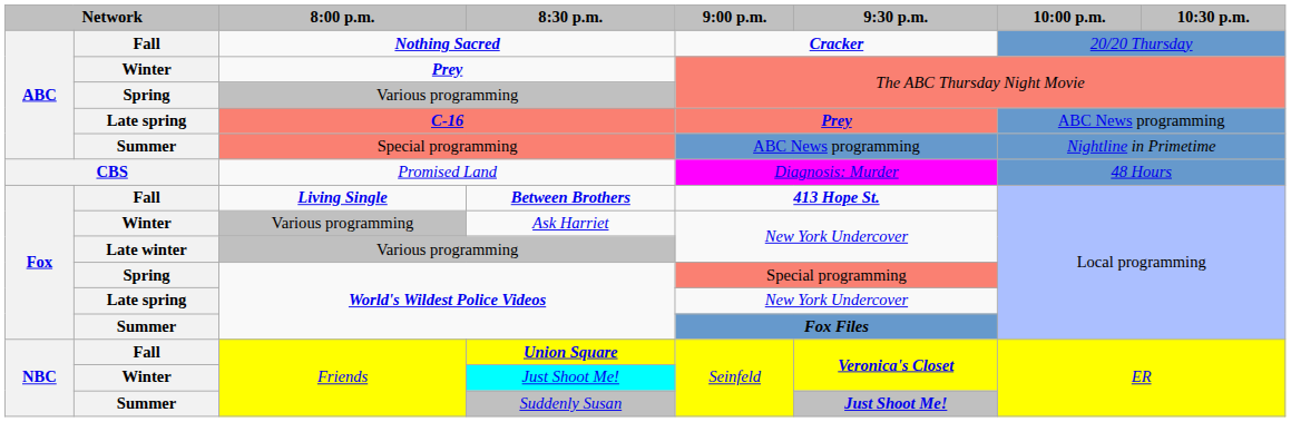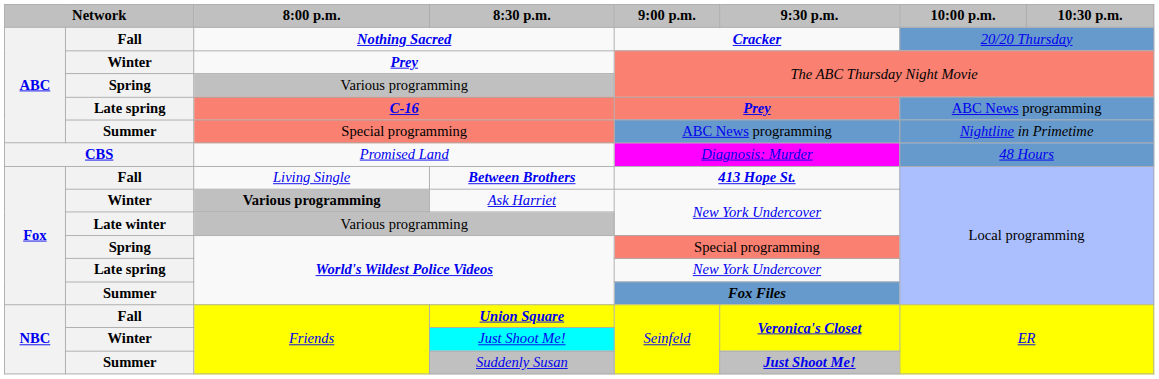 <table class="wikitable" style="width:100%;margin-right:0;text-align:center">
 <tr>
 <th colspan="2" style="background-color:#C0C0C0">Network</th>
 <th style="background-color:#C0C0C0;text-align:center">8:00 p.m.</th>
 <th style="background-color:#C0C0C0;text-align:center">8:30 p.m.</th>
 <th style="background-color:#C0C0C0;text-align:center">9:00 p.m.</th>
 <th style="background-color:#C0C0C0;text-align:center">9:30 p.m.</th>
 <th style="background-color:#C0C0C0;text-align:center">10:00 p.m.</th>
 <th style="background-color:#C0C0C0;text-align:center">10:30 p.m.</th>
 </tr>
 <tr>
 <th rowspan="5"><a href='#'>ABC</a></th>
 <th>Fall</th>
 <td colspan="2"><strong><em><a href='#'>Nothing Sacred</a></em></strong></td>
 <td colspan="2"><strong><em><a href='#'>Cracker</a></em></strong></td>
 <td colspan="2" style="background:#6699CC;"><em><a href='#'>20/20 Thursday</a></em></td>
 </tr>
 <tr>
 <th>Winter</th>
 <td colspan="2"><strong><em><a href='#'>Prey</a></em></strong></td>
 <td rowspan="2" colspan="4" style="background:#FA8072;"><em>The ABC Thursday Night Movie</em></td>
 </tr>
 <tr>
 <th>Spring</th>
 <td colspan="2" style="background:#C0C0C0;">Various programming</td>
 </tr>
 <tr>
 <th>Late spring</th>
 <td colspan="2" style="background:#FA8072;"><strong><em><a href='#'>C-16</a></em></strong></td>
 <td colspan="2" style="background:#FA8072;"><strong><em><a href='#'>Prey</a></em></strong></td>
 <td colspan="2" style="background:#6699CC;"><a href='#'>ABC News</a> programming</td>
 </tr>
 <tr>
 <th>Summer</th>
 <td colspan="2" style="background:#FA8072;">Special programming</td>
 <td colspan="2" style="background:#6699CC;"><a href='#'>ABC News</a> programming</td>
 <td colspan="2" style="background:#6699CC;"><em><a href='#'>Nightline</a> in Primetime</em></td>
 </tr>
 <tr>
 <th colspan="2"><a href='#'>CBS</a></th>
 <td colspan="2"><em><a href='#'>Promised Land</a></em></td>
 <td colspan="2" style="background:magenta;"><em><a href='#'>Diagnosis: Murder</a></em> </td>
 <td colspan="2" style="background:#6699CC;"><em><a href='#'>48 Hours</a></em></td>
 </tr>
 <tr>
 <th rowspan="6"><a href='#'>Fox</a></th>
 <th>Fall</th>
-<td><strong><em><a href='#'>Living Single</a></em></strong></td>
+<td><em><a href='#'>Living Single</a></em></td>
 <td><strong><em><a href='#'>Between Brothers</a></em></strong></td>
 <td colspan="2"><strong><em><a href='#'>413 Hope St.</a></em></strong></td>
 <td rowspan="6" colspan="2" style="background:#abbfff;">Local programming</td>
 </tr>
 <tr>
 <th>Winter</th>
-<td style="background:#C0C0C0;">Various programming</td>
+<td style="background:#C0C0C0;"><strong>Various programming</strong></td>
 <td><em><a href='#'>Ask Harriet</a></em></td>
 <td colspan="2" rowspan="2"><em><a href='#'>New York Undercover</a></em></td>
 </tr>
 <tr>
 <th>Late winter</th>
 <td colspan="2" style="background:#C0C0C0;">Various programming</td>
 </tr>
 <tr>
 <th>Spring</th>
 <td rowspan="3" colspan="2"><strong><em><a href='#'>World's Wildest Police Videos</a></em></strong></td>
 <td colspan="2" style="background:#FA8072;">Special programming</td>
 </tr>
 <tr>
 <th>Late spring</th>
 <td colspan="2"><em><a href='#'>New York Undercover</a></em></td>
 </tr>
 <tr>
 <th>Summer</th>
 <td colspan="2" style="background:#6699CC;"><strong><em>Fox Files</em></strong></td>
 </tr>
 <tr>
 <th rowspan="3"><a href='#'>NBC</a></th>
 <th>Fall</th>
 <td rowspan="3" style="background:yellow;"><em><a href='#'>Friends</a></em> </td>
 <td style="background:yellow;"><strong><em><a href='#'>Union Square</a></em></strong> </td>
 <td rowspan="3" style="background:yellow;"><em><a href='#'>Seinfeld</a></em> </td>
 <td rowspan="2" style="background:yellow;"><strong><em><a href='#'>Veronica's Closet</a></em></strong> </td>
 <td rowspan="3" colspan="2" style="background:yellow;"><em><a href='#'>ER</a></em> </td>
 </tr>
 <tr>
 <th>Winter</th>
 <td style="background:cyan;"><em><a href='#'>Just Shoot Me!</a></em> </td>
 </tr>
 <tr>
 <th>Summer</th>
 <td style="background:#C0C0C0;"><em><a href='#'>Suddenly Susan</a></em> </td>
 <td style="background:#C0C0C0;"><strong><em><a href='#'>Just Shoot Me!</a></em> </strong></td>
 </tr>
 </table>
